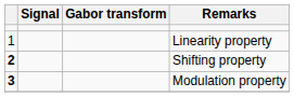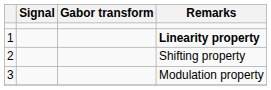 <table class="wikitable">
 <tr>
 <th></th>
 <th>Signal</th>
 <th>Gabor transform</th>
 <th>Remarks</th>
 </tr>
 <tr>
 <td></td>
 <td align="left"></td>
 <td align="left"></td>
 <td></td>
 </tr>
 <tr>
 <td>1</td>
 <td></td>
 <td></td>
-<td>Linearity property</td>
+<td><strong>Linearity property</strong></td>
 </tr>
 <tr>
-<td><strong>2</strong></td>
+<td>2</td>
 <td></td>
 <td></td>
 <td>Shifting property</td>
 </tr>
 <tr>
-<td><strong>3</strong></td>
+<td>3</td>
 <td></td>
 <td></td>
 <td>Modulation property</td>
 </tr>
 <tr>
 </tr>
 </table>
